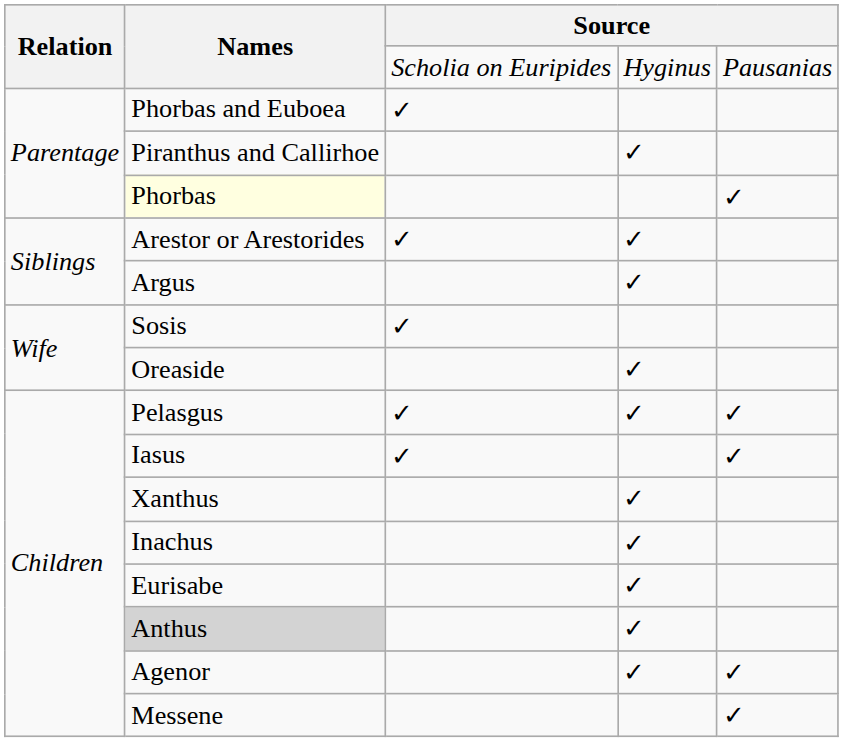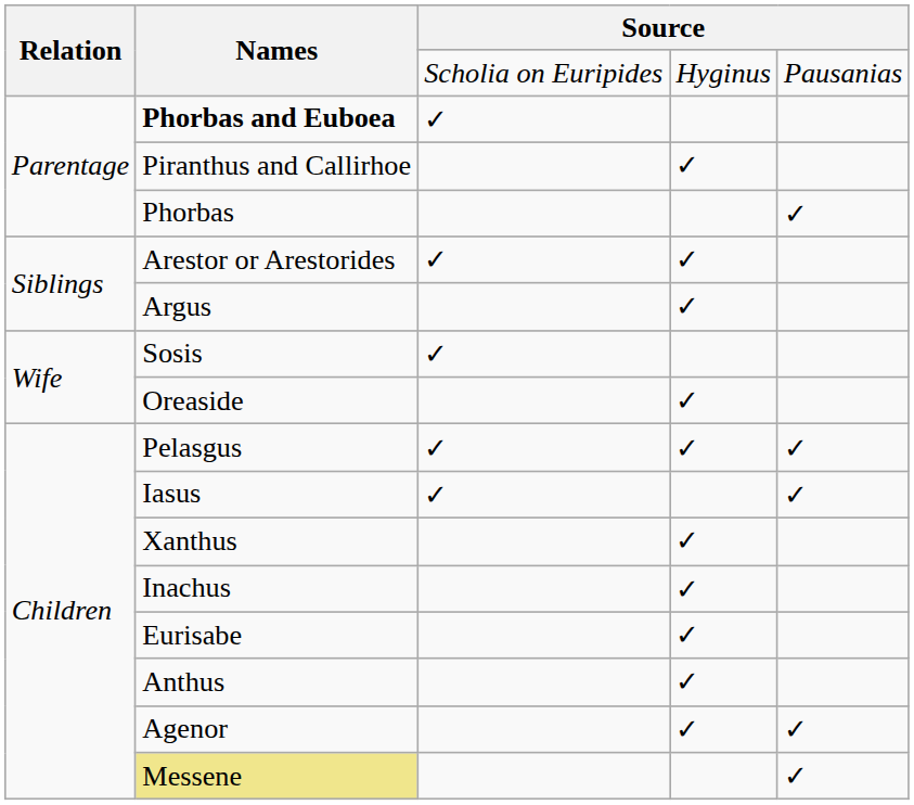 <table class="wikitable">
 <tr>
 <th rowspan="2">Relation</th>
 <th rowspan="2">Names</th>
 <th colspan="3">Source</th>
 </tr>
 <tr>
 <td><em>Scholia on Euripides</em></td>
 <td><em>Hyginus</em></td>
 <td><em>Pausanias</em></td>
 </tr>
 <tr>
 <td rowspan="3"><em>Parentage</em></td>
-<td>Phorbas and Euboea</td>
+<td><strong>Phorbas and Euboea</strong></td>
 <td>✓</td>
 <td></td>
 <td></td>
 </tr>
 <tr>
 <td>Piranthus and Callirhoe</td>
 <td></td>
 <td>✓</td>
 <td></td>
 </tr>
 <tr>
-<td style="background: lightyellow;">Phorbas</td>
+<td>Phorbas</td>
 <td></td>
 <td></td>
 <td>✓</td>
 </tr>
 <tr>
 <td rowspan="2"><em>Siblings</em></td>
 <td>Arestor or Arestorides</td>
 <td>✓</td>
 <td>✓</td>
 <td></td>
 </tr>
 <tr>
 <td>Argus</td>
 <td></td>
 <td>✓</td>
 <td></td>
 </tr>
 <tr>
 <td rowspan="2"><em>Wife</em></td>
 <td>Sosis</td>
 <td>✓</td>
 <td></td>
 <td></td>
 </tr>
 <tr>
 <td>Oreaside</td>
 <td></td>
 <td>✓</td>
 <td></td>
 </tr>
 <tr>
 <td rowspan="8"><em>Children</em></td>
 <td>Pelasgus</td>
 <td>✓</td>
 <td>✓</td>
 <td>✓</td>
 </tr>
 <tr>
 <td>Iasus</td>
 <td>✓</td>
 <td></td>
 <td>✓</td>
 </tr>
 <tr>
 <td>Xanthus</td>
 <td></td>
 <td>✓</td>
 <td></td>
 </tr>
 <tr>
 <td>Inachus</td>
 <td></td>
 <td>✓</td>
 <td></td>
 </tr>
 <tr>
 <td>Eurisabe</td>
 <td></td>
 <td>✓</td>
 <td></td>
 </tr>
 <tr>
-<td style="background: lightgrey;">Anthus</td>
+<td>Anthus</td>
 <td></td>
 <td>✓</td>
 <td></td>
 </tr>
 <tr>
 <td>Agenor</td>
 <td></td>
 <td>✓</td>
 <td>✓</td>
 </tr>
 <tr>
-<td>Messene</td>
+<td style="background: khaki;">Messene</td>
 <td></td>
 <td></td>
 <td>✓</td>
 </tr>
 </table>
